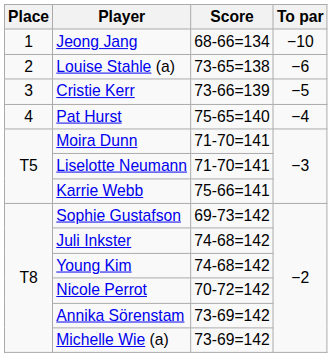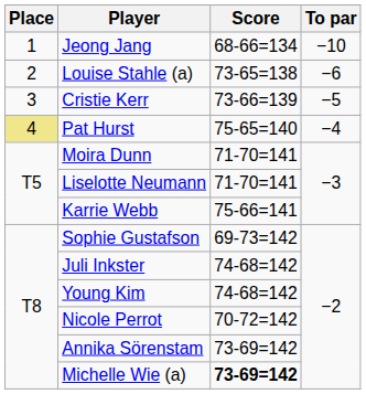 <table class="wikitable">
 <tr>
 <th>Place</th>
 <th>Player</th>
 <th>Score</th>
 <th>To par</th>
 </tr>
 <tr>
 <td align=center>1</td>
 <td> <a href='#'>Jeong Jang</a></td>
 <td>68-66=134</td>
 <td align=center>−10</td>
 </tr>
 <tr>
 <td align=center>2</td>
 <td> <a href='#'>Louise Stahle</a> (a)</td>
 <td>73-65=138</td>
 <td align=center>−6</td>
 </tr>
 <tr>
 <td align=center>3</td>
 <td> <a href='#'>Cristie Kerr</a></td>
 <td>73-66=139</td>
 <td align=center>−5</td>
 </tr>
 <tr>
-<td align=center>4</td>
+<td align=center style="background: khaki;">4</td>
 <td> <a href='#'>Pat Hurst</a></td>
 <td>75-65=140</td>
 <td align=center>−4</td>
 </tr>
 <tr>
 <td align=center rowspan=3>T5</td>
 <td> <a href='#'>Moira Dunn</a></td>
 <td>71-70=141</td>
 <td align=center rowspan=3>−3</td>
 </tr>
 <tr>
 <td> <a href='#'>Liselotte Neumann</a></td>
 <td>71-70=141</td>
 </tr>
 <tr>
 <td> <a href='#'>Karrie Webb</a></td>
 <td>75-66=141</td>
 </tr>
 <tr>
 <td align=center rowspan=6>T8</td>
 <td> <a href='#'>Sophie Gustafson</a></td>
 <td>69-73=142</td>
 <td align=center rowspan=6>−2</td>
 </tr>
 <tr>
 <td> <a href='#'>Juli Inkster</a></td>
 <td>74-68=142</td>
 </tr>
 <tr>
 <td> <a href='#'>Young Kim</a></td>
 <td>74-68=142</td>
 </tr>
 <tr>
 <td> <a href='#'>Nicole Perrot</a></td>
 <td>70-72=142</td>
 </tr>
 <tr>
 <td> <a href='#'>Annika Sörenstam</a></td>
 <td>73-69=142</td>
 </tr>
 <tr>
 <td> <a href='#'>Michelle Wie</a> (a)</td>
-<td>73-69=142</td>
+<td><strong>73-69=142</strong></td>
 </tr>
 </table>
